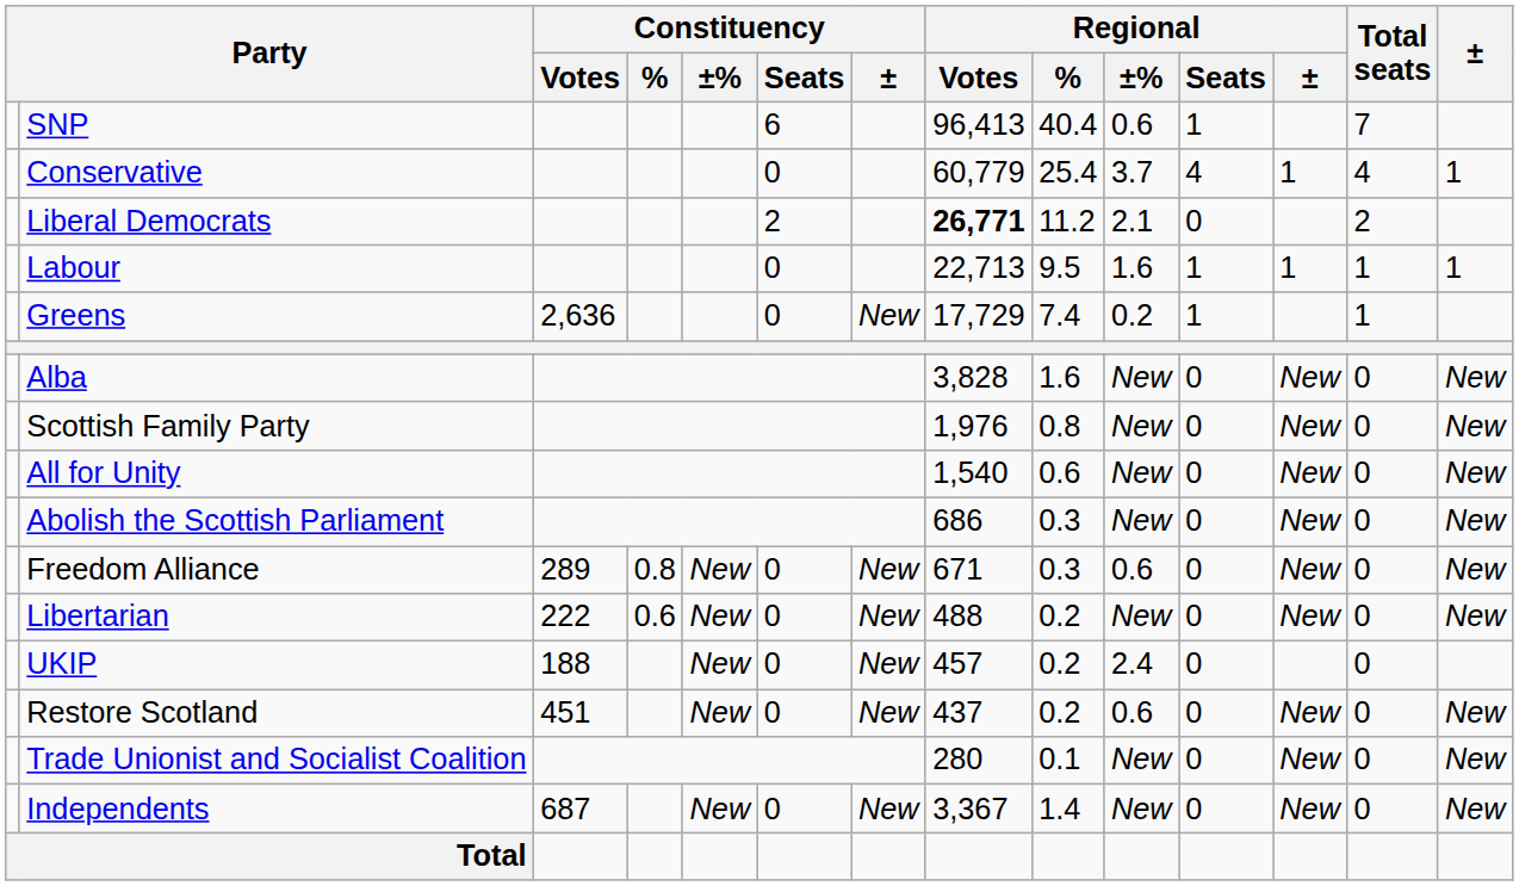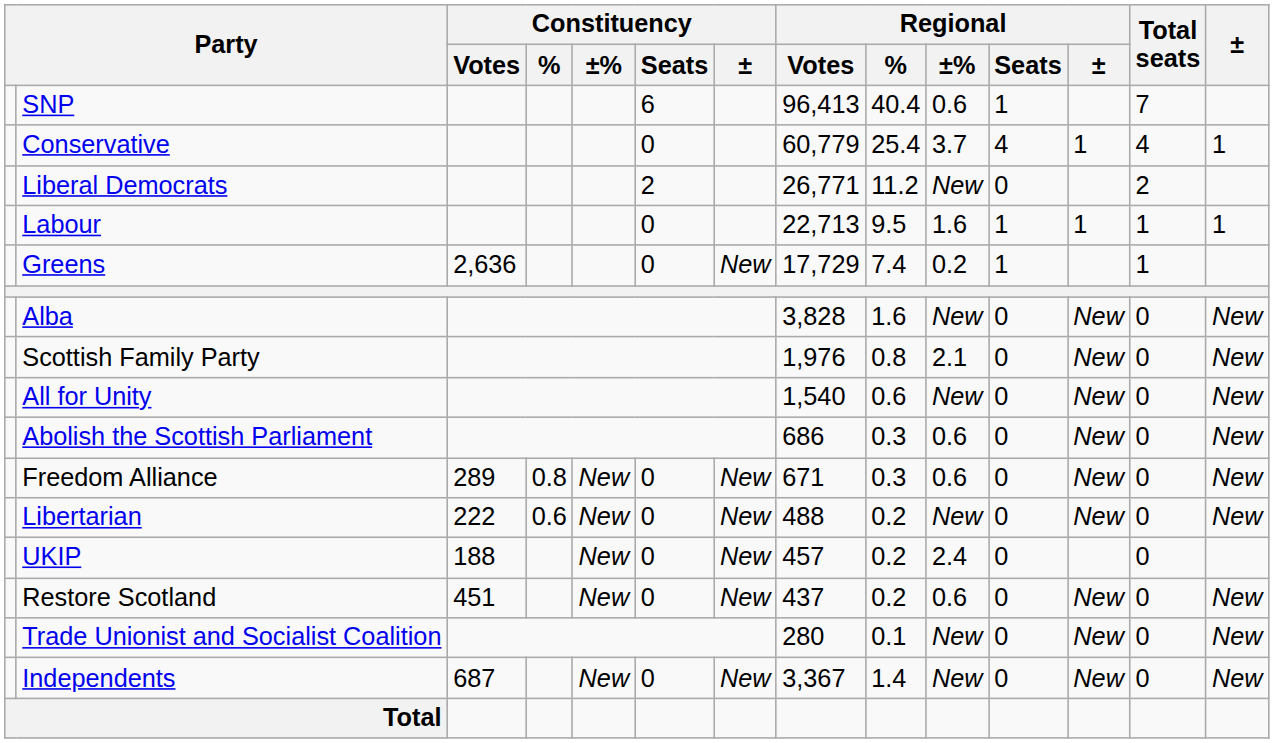 <table class="wikitable sortable">
 <tr>
 <th colspan="2" rowspan="2">Party</th>
 <th colspan="5">Constituency</th>
 <th colspan="5">Regional</th>
 <th rowspan="2">Total<br>seats</th>
 <th rowspan="2">±</th>
 </tr>
 <tr>
 <th>Votes</th>
 <th>%</th>
 <th>±%</th>
 <th>Seats</th>
 <th>±</th>
 <th>Votes</th>
 <th>%</th>
 <th>±%</th>
 <th>Seats</th>
 <th>±</th>
 </tr>
 <tr>
 <td style="color:inherit;background:"></td>
 <td><a href='#'>SNP</a></td>
 <td></td>
 <td></td>
 <td></td>
 <td>6</td>
 <td></td>
 <td>96,413</td>
 <td>40.4</td>
 <td>0.6</td>
 <td>1</td>
 <td></td>
 <td>7</td>
 <td></td>
 </tr>
 <tr>
 <td style="color:inherit;background:"></td>
 <td><a href='#'>Conservative</a></td>
 <td></td>
 <td></td>
 <td></td>
 <td>0</td>
 <td></td>
 <td>60,779</td>
 <td>25.4</td>
 <td>3.7</td>
 <td>4</td>
 <td>1</td>
 <td>4</td>
 <td>1</td>
 </tr>
 <tr>
 <td style="color:inherit;background:"></td>
 <td><a href='#'>Liberal Democrats</a></td>
 <td></td>
 <td></td>
 <td></td>
 <td>2</td>
 <td></td>
-<td><strong>26,771</strong></td>
+<td>26,771</td>
 <td>11.2</td>
-<td>2.1</td>
+<td><em>New</em></td>
 <td>0</td>
 <td></td>
 <td>2</td>
 <td></td>
 </tr>
 <tr>
 <td style="color:inherit;background:"></td>
 <td><a href='#'>Labour</a></td>
 <td></td>
 <td></td>
 <td></td>
 <td>0</td>
 <td></td>
 <td>22,713</td>
 <td>9.5</td>
 <td>1.6</td>
 <td>1</td>
 <td>1</td>
 <td>1</td>
 <td>1</td>
 </tr>
 <tr>
 <td style="color:inherit;background:"></td>
 <td><a href='#'>Greens</a></td>
 <td>2,636</td>
 <td></td>
 <td></td>
 <td>0</td>
 <td><em>New</em></td>
 <td>17,729</td>
 <td>7.4</td>
 <td>0.2</td>
 <td>1</td>
 <td></td>
 <td>1</td>
 <td></td>
 </tr>
 <tr>
 <th colspan=14></th>
 </tr>
 <tr>
 <td style="color:inherit;background:"></td>
 <td><a href='#'>Alba</a></td>
 <td colspan="5"></td>
 <td>3,828</td>
 <td>1.6</td>
 <td><em>New</em></td>
 <td>0</td>
 <td><em>New</em></td>
 <td>0</td>
 <td><em>New</em></td>
 </tr>
 <tr>
 <td style="color:inherit;background:"></td>
 <td>Scottish Family Party</td>
 <td colspan="5"></td>
 <td>1,976</td>
 <td>0.8</td>
-<td><em>New</em></td>
+<td>2.1</td>
 <td>0</td>
 <td><em>New</em></td>
 <td>0</td>
 <td><em>New</em></td>
 </tr>
 <tr>
 <td style="color:inherit;background:"></td>
 <td><a href='#'>All for Unity</a></td>
 <td colspan="5"></td>
 <td>1,540</td>
 <td>0.6</td>
 <td><em>New</em></td>
 <td>0</td>
 <td><em>New</em></td>
 <td>0</td>
 <td><em>New</em></td>
 </tr>
 <tr>
 <td style="color:inherit;background:"></td>
 <td><a href='#'>Abolish the Scottish Parliament</a></td>
 <td colspan="5"></td>
 <td>686</td>
 <td>0.3</td>
-<td><em>New</em></td>
+<td>0.6</td>
 <td>0</td>
 <td><em>New</em></td>
 <td>0</td>
 <td><em>New</em></td>
 </tr>
 <tr>
 <td style="color:inherit;background:"></td>
 <td>Freedom Alliance</td>
 <td>289</td>
 <td>0.8</td>
 <td><em>New</em></td>
 <td>0</td>
 <td><em>New</em></td>
 <td>671</td>
 <td>0.3</td>
 <td>0.6</td>
 <td>0</td>
 <td><em>New</em></td>
 <td>0</td>
 <td><em>New</em></td>
 </tr>
 <tr>
 <td style="color:inherit;background:"></td>
 <td><a href='#'>Libertarian</a></td>
 <td>222</td>
 <td>0.6</td>
 <td><em>New</em></td>
 <td>0</td>
 <td><em>New</em></td>
 <td>488</td>
 <td>0.2</td>
 <td><em>New</em></td>
 <td>0</td>
 <td><em>New</em></td>
 <td>0</td>
 <td><em>New</em></td>
 </tr>
 <tr>
 <td style="color:inherit;background:"></td>
 <td><a href='#'>UKIP</a></td>
 <td>188</td>
 <td></td>
 <td><em>New</em></td>
 <td>0</td>
 <td><em>New</em></td>
 <td>457</td>
 <td>0.2</td>
 <td>2.4</td>
 <td>0</td>
 <td></td>
 <td>0</td>
 <td></td>
 </tr>
 <tr>
 <td style="color:inherit;background:"></td>
 <td>Restore Scotland</td>
 <td>451</td>
 <td></td>
 <td><em>New</em></td>
 <td>0</td>
 <td><em>New</em></td>
 <td>437</td>
 <td>0.2</td>
 <td>0.6</td>
 <td>0</td>
 <td><em>New</em></td>
 <td>0</td>
 <td><em>New</em></td>
 </tr>
 <tr>
 <td style="color:inherit;background:"></td>
 <td><a href='#'>Trade Unionist and Socialist Coalition</a></td>
 <td colspan="5"></td>
 <td>280</td>
 <td>0.1</td>
 <td><em>New</em></td>
 <td>0</td>
 <td><em>New</em></td>
 <td>0</td>
 <td><em>New</em></td>
 </tr>
 <tr>
 <td style="color:inherit;background:"></td>
 <td><a href='#'>Independents</a></td>
 <td>687</td>
 <td></td>
 <td><em>New</em></td>
 <td>0</td>
 <td><em>New</em></td>
 <td>3,367</td>
 <td>1.4</td>
 <td><em>New</em></td>
 <td>0</td>
 <td><em>New</em></td>
 <td>0</td>
 <td><em>New</em></td>
 </tr>
 <tr class="sortbottom">
 <th colspan="2" style="text-align:right;"><strong>Total</strong></th>
 <td></td>
 <td></td>
 <td></td>
 <td></td>
 <td></td>
 <td></td>
 <td></td>
 <td></td>
 <td></td>
 <td></td>
 <td></td>
 <td></td>
 </tr>
 </table>
